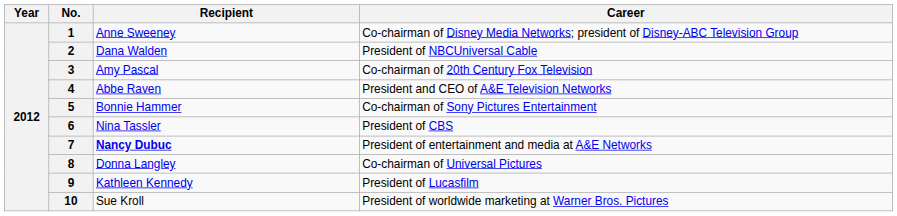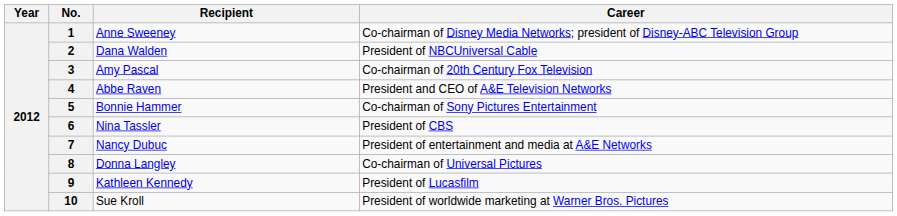 <table class="wikitable" width="95%">
 <tr>
 <th width="5%">Year</th>
 <th width="5%">No.</th>
 <th width="30%">Recipient</th>
 <th width="60%">Career</th>
 </tr>
 <tr>
 <th rowspan="10">2012</th>
 <th>1</th>
 <td><a href='#'>Anne Sweeney</a></td>
 <td>Co-chairman of <a href='#'>Disney Media Networks</a>; president of <a href='#'>Disney-ABC Television Group</a></td>
 </tr>
 <tr>
 <th>2</th>
 <td><a href='#'>Dana Walden</a></td>
 <td>President of <a href='#'>NBCUniversal Cable</a></td>
 </tr>
 <tr>
 <th>3</th>
 <td><a href='#'>Amy Pascal</a></td>
 <td>Co-chairman of <a href='#'>20th Century Fox Television</a></td>
 </tr>
 <tr>
 <th>4</th>
 <td><a href='#'>Abbe Raven</a></td>
 <td>President and CEO of <a href='#'>A&E Television Networks</a></td>
 </tr>
 <tr>
 <th>5</th>
 <td><a href='#'>Bonnie Hammer</a></td>
 <td>Co-chairman of <a href='#'>Sony Pictures Entertainment</a></td>
 </tr>
 <tr>
 <th>6</th>
 <td><a href='#'>Nina Tassler</a></td>
 <td>President of <a href='#'>CBS</a></td>
 </tr>
 <tr>
 <th>7</th>
-<td><strong><a href='#'>Nancy Dubuc</a></strong></td>
+<td><a href='#'>Nancy Dubuc</a></td>
 <td>President of entertainment and media at <a href='#'>A&E Networks</a></td>
 </tr>
 <tr>
 <th>8</th>
 <td><a href='#'>Donna Langley</a></td>
 <td>Co-chairman of <a href='#'>Universal Pictures</a></td>
 </tr>
 <tr>
 <th>9</th>
 <td><a href='#'>Kathleen Kennedy</a></td>
 <td>President of <a href='#'>Lucasfilm</a></td>
 </tr>
 <tr>
 <th>10</th>
 <td>Sue Kroll</td>
 <td>President of worldwide marketing at <a href='#'>Warner Bros. Pictures</a></td>
 </tr>
 </table>
